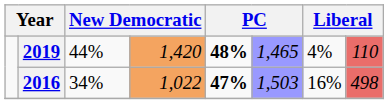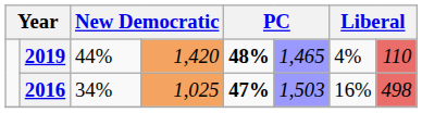 <table class="wikitable" style="float:right; width:400; font-size:90%; margin-left:1em;">
 <tr>
 <th colspan="2" scope="col">Year</th>
 <th colspan="2" scope="col"><a href='#'>New Democratic</a></th>
 <th colspan="2" scope="col"><a href='#'>PC</a></th>
 <th colspan="2" scope="col"><a href='#'>Liberal</a></th>
 </tr>
 <tr>
 <td rowspan="2" style="width: 0.25em; background-color: "></td>
 <th><a href='#'>2019</a></th>
 <td>44%</td>
 <td style="text-align:right; background:#F4A460;"><em>1,420</em></td>
 <td><strong>48%</strong></td>
 <td style="text-align:right; background:#9999FF;"><em>1,465</em></td>
 <td>4%</td>
 <td style="text-align:right; background:#EA6D6A;"><em>110</em></td>
 </tr>
 <tr>
 <th><a href='#'>2016</a></th>
 <td>34%</td>
-<td style="text-align:right; background:#F4A460;"><em>1,022</em></td>
+<td style="text-align:right; background:#F4A460;"><em>1,025</em></td>
 <td><strong>47%</strong></td>
 <td style="text-align:right; background:#9999FF;"><em>1,503</em></td>
 <td>16%</td>
 <td style="text-align:right; background:#EA6D6A;"><em>498</em></td>
 </tr>
 <tr>
 </tr>
 </table>
